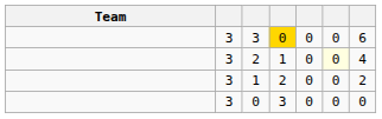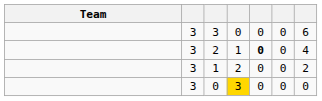 <table class="wikitable" style="text-align:center">
 <tr>
 <th width=200>Team</th>
 <th width=20></th>
 <th width=20></th>
 <th width=20></th>
 <th width=20></th>
 <th width=20></th>
 <th width=20></th>
 </tr>
 <tr>
 <td align="left"></td>
 <td>3</td>
 <td>3</td>
-<td style="background: gold;">0</td>
+<td>0</td>
 <td>0</td>
 <td>0</td>
 <td>6</td>
 </tr>
 <tr>
 <td align="left"></td>
 <td>3</td>
 <td>2</td>
 <td>1</td>
+<td><strong>0</strong></td>
 <td>0</td>
-<td style="background: lightyellow;">0</td>
 <td>4</td>
 </tr>
 <tr>
 <td align="left"></td>
 <td>3</td>
 <td>1</td>
 <td>2</td>
 <td>0</td>
 <td>0</td>
 <td>2</td>
 </tr>
 <tr>
 <td align="left"></td>
 <td>3</td>
 <td>0</td>
-<td>3</td>
+<td style="background: gold;">3</td>
 <td>0</td>
 <td>0</td>
 <td>0</td>
 </tr>
 </table>
